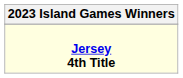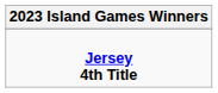 <table class="wikitable" style="text-align: center; margin: 0 auto;">
 <tr>
 <th>2023 Island Games Winners</th>
 </tr>
 <tr>
 </tr>
 <tr>
-<td style="background: lightyellow;"><br><strong><a href='#'>Jersey</a></strong><br><strong>4th Title</strong></td>
+<td><br><strong><a href='#'>Jersey</a></strong><br><strong>4th Title</strong></td>
 </tr>
 </table>
